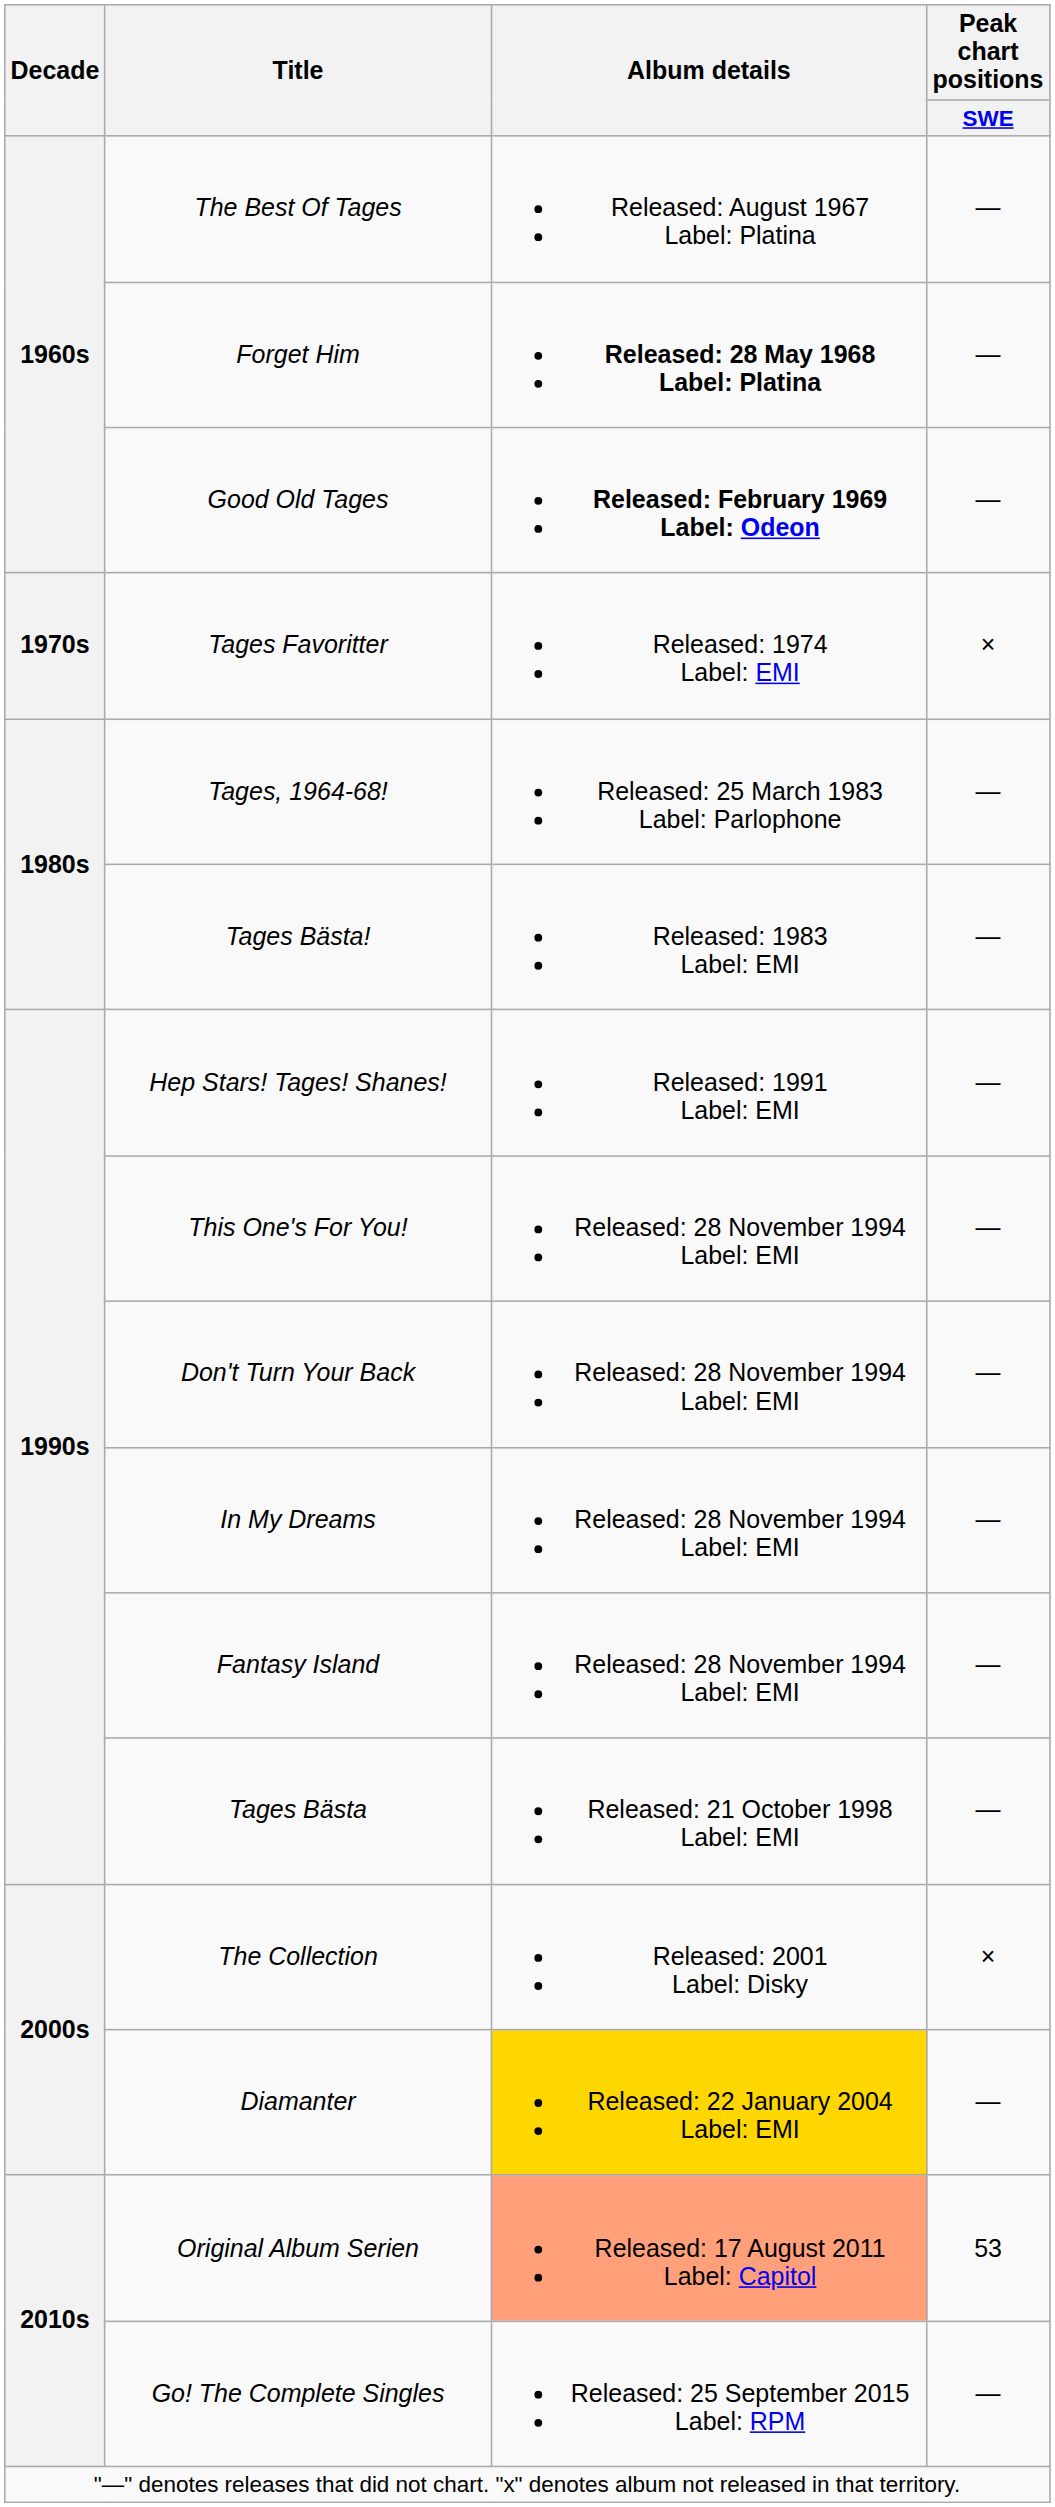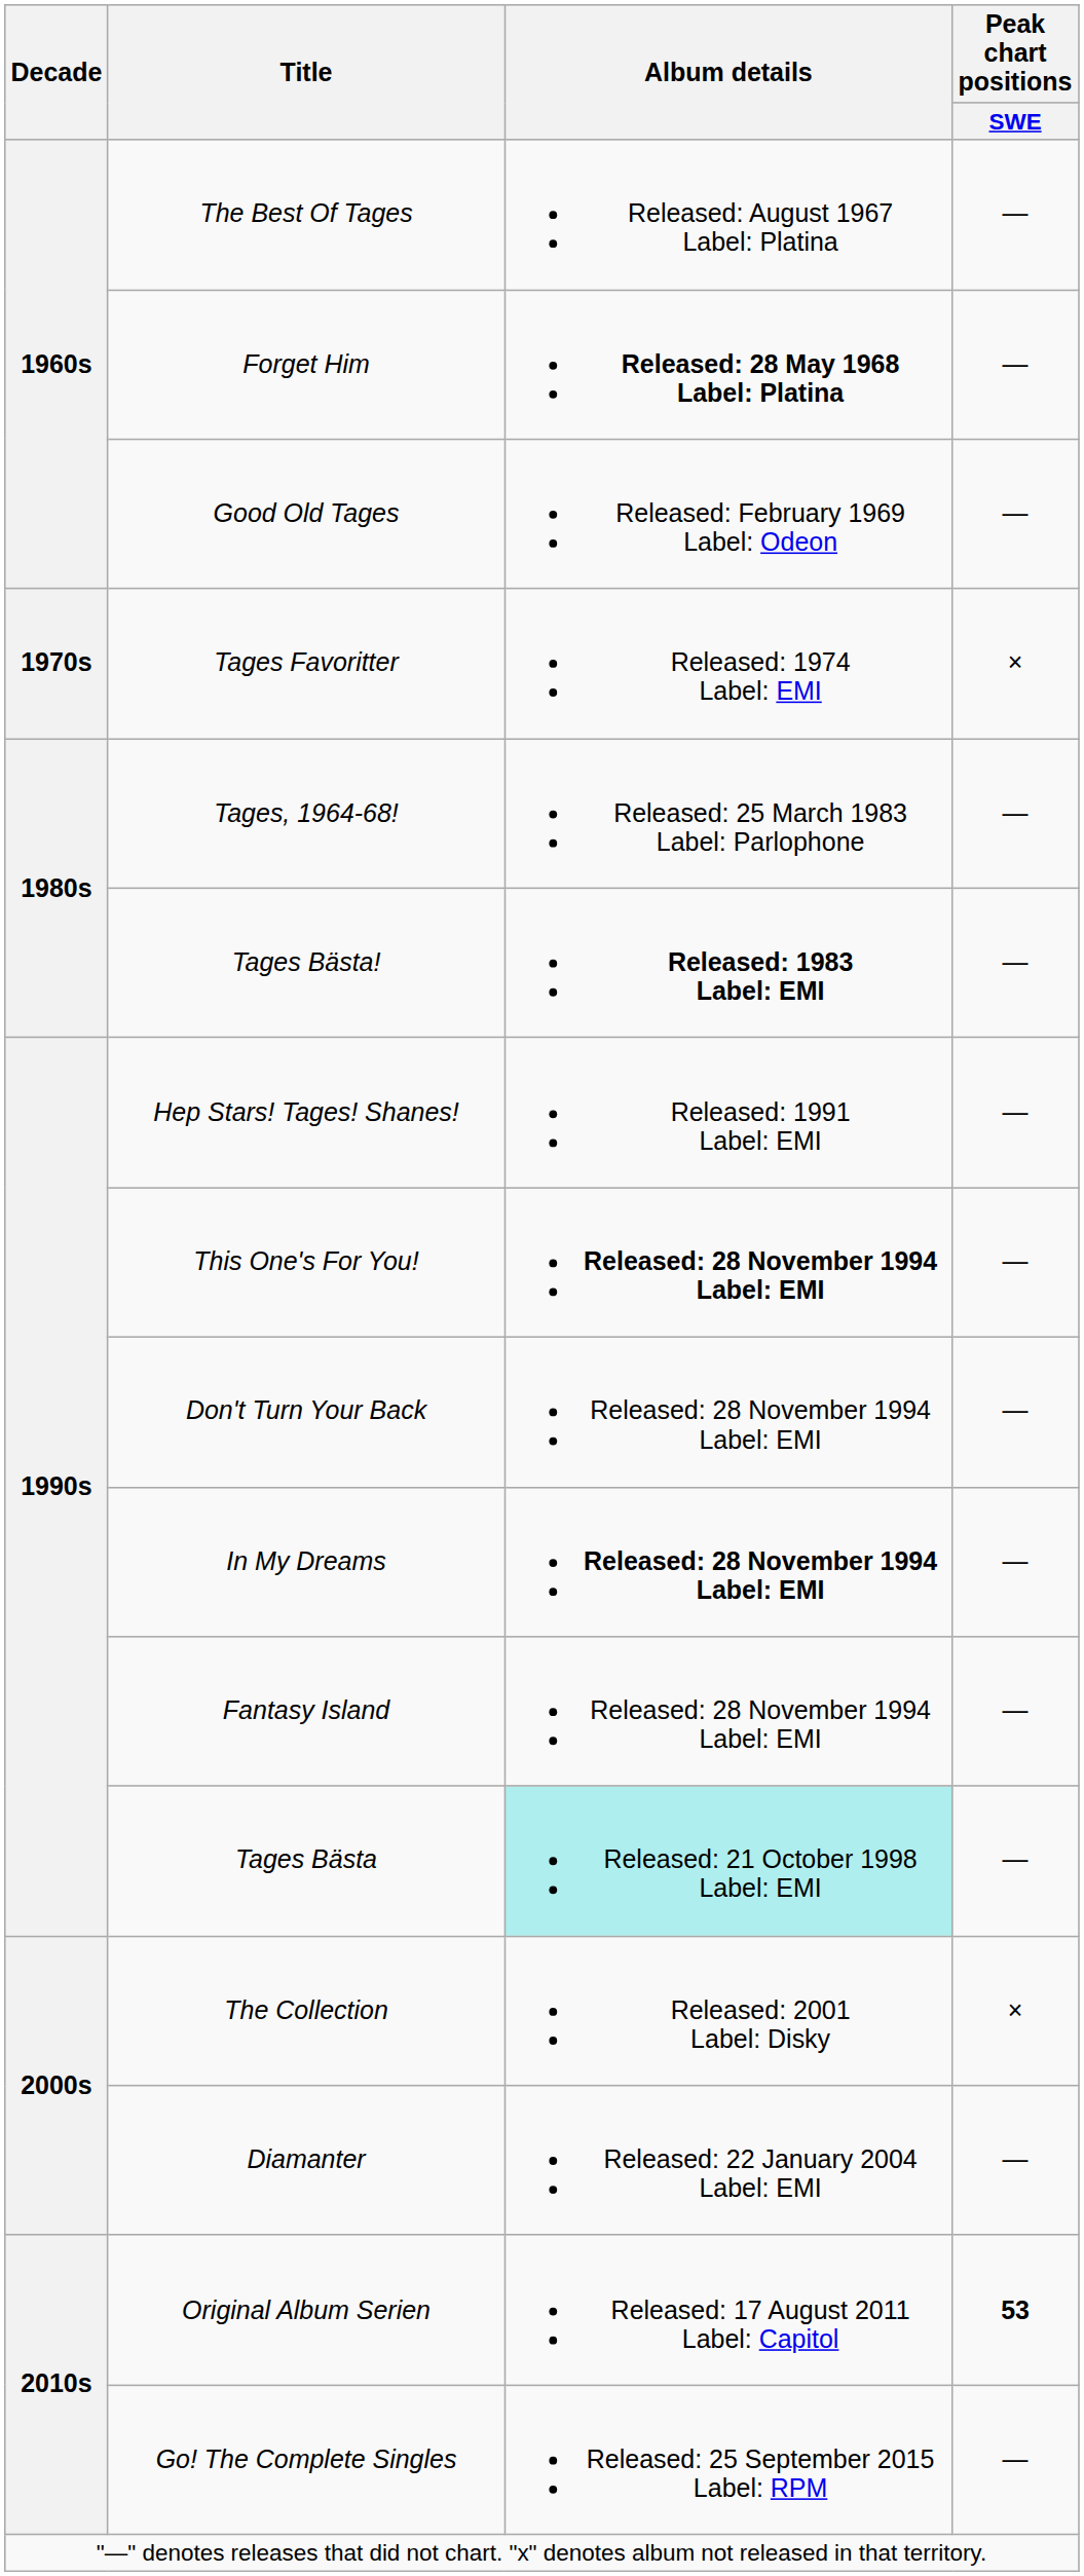 <table class="wikitable plainrowheaders" style="text-align:center;">
 <tr>
 <th width="30" rowspan="2" scope="col">Decade</th>
 <th rowspan="2" scope="col" style="width:15em;">Title</th>
 <th rowspan="2" scope="col" style="width:17em;">Album details</th>
 <th scope="colgroup">Peak chart positions</th>
 </tr>
 <tr>
 <th scope="col" style="width:2em;font-size:90%;"><a href='#'>SWE</a><br></th>
 </tr>
 <tr>
 <th rowspan="3" scope="rowgroup">1960s</th>
 <td><em>The Best Of Tages</em></td>
 <td><br><ul><li>Released: August 1967</li><li>Label: Platina </li></ul></td>
 <td>—</td>
 </tr>
 <tr>
 <td><em>Forget Him</em></td>
 <td><strong><br><ul><li>Released: 28 May 1968</li><li>Label: Platina </li></ul></strong></td>
 <td>—</td>
 </tr>
 <tr>
 <td><em>Good Old Tages</em></td>
-<td><strong><br><ul><li>Released: February 1969</li><li>Label: <a href='#'>Odeon</a> </li></ul></strong></td>
+<td><br><ul><li>Released: February 1969</li><li>Label: <a href='#'>Odeon</a> </li></ul></td>
 <td>—</td>
 </tr>
 <tr>
 <th scope="rowgroup">1970s</th>
 <td><em>Tages Favoritter</em></td>
 <td><br><ul><li>Released: 1974</li><li>Label: <a href='#'>EMI</a> </li></ul></td>
 <td>×</td>
 </tr>
 <tr>
 <th rowspan="2" scope="rowgroup">1980s</th>
 <td><em>Tages, 1964-68!</em></td>
 <td><br><ul><li>Released: 25 March 1983</li><li>Label: Parlophone </li></ul></td>
 <td>—</td>
 </tr>
 <tr>
 <td><em>Tages Bästa!</em></td>
-<td><br><ul><li>Released: 1983</li><li>Label: EMI </li></ul></td>
+<td><strong><br><ul><li>Released: 1983</li><li>Label: EMI </li></ul></strong></td>
 <td>—</td>
 </tr>
 <tr>
 <th rowspan="6" scope="rowgroup">1990s</th>
 <td><em>Hep Stars! Tages! Shanes!</em></td>
 <td><br><ul><li>Released: 1991</li><li>Label: EMI </li></ul></td>
 <td>—</td>
 </tr>
 <tr>
 <td><em>This One's For You!</em></td>
-<td><br><ul><li>Released: 28 November 1994</li><li>Label: EMI </li></ul></td>
+<td><strong><br><ul><li>Released: 28 November 1994</li><li>Label: EMI </li></ul></strong></td>
 <td>—</td>
 </tr>
 <tr>
 <td><em>Don't Turn Your Back</em></td>
 <td><br><ul><li>Released: 28 November 1994</li><li>Label: EMI </li></ul></td>
 <td>—</td>
 </tr>
 <tr>
 <td><em>In My Dreams</em></td>
-<td><br><ul><li>Released: 28 November 1994</li><li>Label: EMI </li></ul></td>
+<td><strong><br><ul><li>Released: 28 November 1994</li><li>Label: EMI </li></ul></strong></td>
 <td>—</td>
 </tr>
 <tr>
 <td><em>Fantasy Island</em></td>
 <td><br><ul><li>Released: 28 November 1994</li><li>Label: EMI </li></ul></td>
 <td>—</td>
 </tr>
 <tr>
 <td><em>Tages Bästa</em></td>
-<td><br><ul><li>Released: 21 October 1998</li><li>Label: EMI </li></ul></td>
+<td style="background: paleturquoise;"><br><ul><li>Released: 21 October 1998</li><li>Label: EMI </li></ul></td>
 <td>—</td>
 </tr>
 <tr>
 <th rowspan="2" scope="rowgroup">2000s</th>
 <td><em>The Collection</em></td>
 <td><br><ul><li>Released: 2001</li><li>Label: Disky </li></ul></td>
 <td>×</td>
 </tr>
 <tr>
 <td><em>Diamanter</em></td>
-<td style="background: gold;"><br><ul><li>Released: 22 January 2004</li><li>Label: EMI </li></ul></td>
+<td><br><ul><li>Released: 22 January 2004</li><li>Label: EMI </li></ul></td>
 <td>—</td>
 </tr>
 <tr>
 <th rowspan="2" scope="rowgroup">2010s</th>
 <td><em>Original Album Serien</em></td>
-<td style="background: lightsalmon;"><br><ul><li>Released: 17 August 2011</li><li>Label: <a href='#'>Capitol</a> </li></ul></td>
-<td>53</td>
+<td><br><ul><li>Released: 17 August 2011</li><li>Label: <a href='#'>Capitol</a> </li></ul></td>
+<td><strong>53</strong></td>
 </tr>
 <tr>
 <td><em>Go! The Complete Singles</em></td>
 <td><br><ul><li>Released: 25 September 2015</li><li>Label: <a href='#'>RPM</a> </li></ul></td>
 <td>—</td>
 </tr>
 <tr>
 <td colspan="4" style="font-size:90%">"—" denotes releases that did not chart. "x" denotes album not released in that territory.</td>
 </tr>
 </table>
